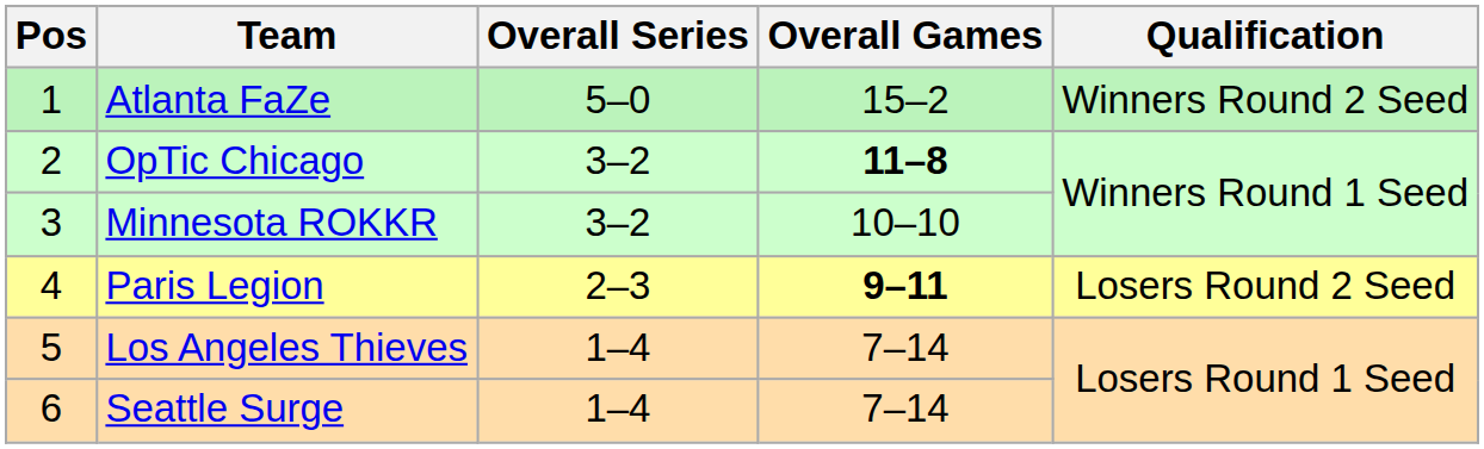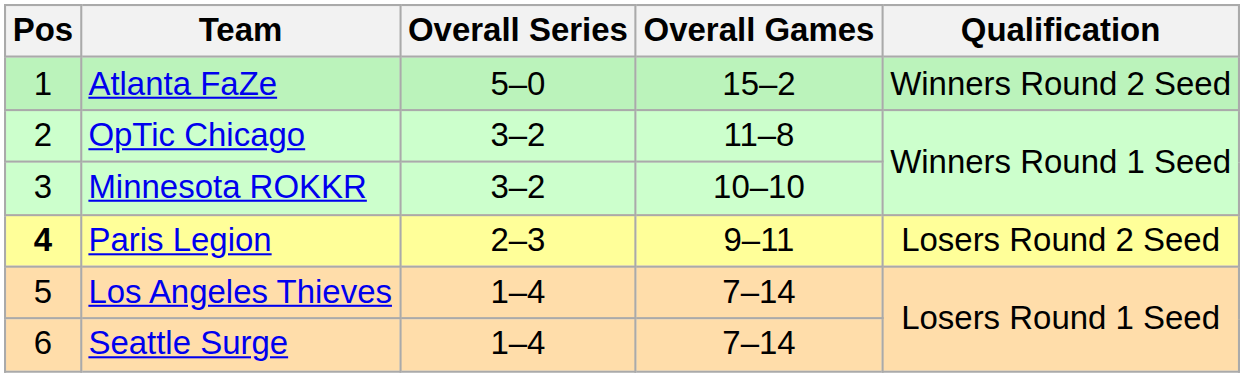 <table class="wikitable" width="600px" style="text-align:center">
 <tr>
 <th>Pos</th>
 <th>Team</th>
 <th>Overall Series</th>
 <th>Overall Games</th>
 <th>Qualification</th>
 </tr>
 <tr style="background:#BBF3BB;">
 <td>1</td>
 <td style="text-align:left"><a href='#'>Atlanta FaZe</a></td>
 <td>5–0</td>
 <td>15–2</td>
 <td>Winners Round 2 Seed</td>
 </tr>
 <tr style="background:#CCFFCC;">
 <td>2</td>
 <td style="text-align:left"><a href='#'>OpTic Chicago</a></td>
 <td>3–2</td>
-<td><strong>11–8</strong></td>
+<td>11–8</td>
 <td rowspan="2">Winners Round 1 Seed</td>
 </tr>
 <tr style="background:#CCFFCC;">
 <td>3</td>
 <td style="text-align:left"><a href='#'>Minnesota ROKKR</a></td>
 <td>3–2</td>
 <td>10–10</td>
 </tr>
 <tr style="background:#FFFF99;">
-<td>4</td>
+<td><strong>4</strong></td>
 <td style="text-align:left"><a href='#'>Paris Legion</a></td>
 <td>2–3</td>
-<td><strong>9–11</strong></td>
+<td>9–11</td>
 <td>Losers Round 2 Seed</td>
 </tr>
 <tr style="background:#FFDDAA;">
 <td>5</td>
 <td style="text-align:left"><a href='#'>Los Angeles Thieves</a></td>
 <td>1–4</td>
 <td>7–14</td>
 <td rowspan="2">Losers Round 1 Seed</td>
 </tr>
 <tr style="background:#FFDDAA;">
 <td>6</td>
 <td style="text-align:left"><a href='#'>Seattle Surge</a></td>
 <td>1–4</td>
 <td>7–14</td>
 </tr>
 </table>
